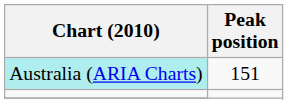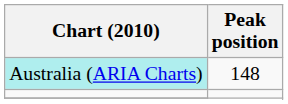 <table class="wikitable sortable plainrowheaders">
 <tr>
 <th scope="col">Chart (2010)</th>
 <th scope="col">Peak<br>position</th>
 </tr>
 <tr>
 <td style="background: paleturquoise;">Australia (<a href='#'>ARIA Charts</a>)</td>
-<td style="text-align:center;">151</td>
+<td style="text-align:center;">148</td>
 </tr>
 <tr>
 <td></td>
 </tr>
 <tr>
 </tr>
 </table>
